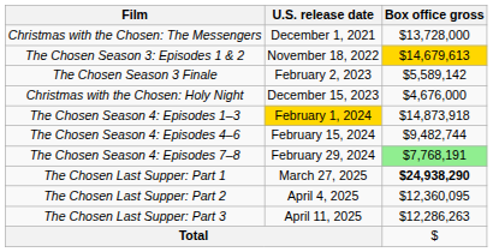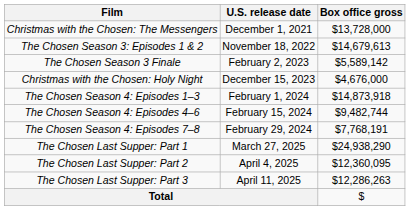 <table class="wikitable sortable" style="text-align: center">
 <tr>
 <th scope="col">Film</th>
 <th scope="col">U.S. release date</th>
 <th scope="col">Box office gross</th>
 </tr>
 <tr>
 <td><em>Christmas with the Chosen: The Messengers</em></td>
 <td>December 1, 2021</td>
 <td>$13,728,000</td>
 </tr>
 <tr>
 <td><em>The Chosen Season 3: Episodes 1 & 2</em></td>
 <td>November 18, 2022</td>
-<td style="background: gold;">$14,679,613</td>
+<td>$14,679,613</td>
 </tr>
 <tr>
 <td><em>The Chosen Season 3 Finale</em></td>
 <td>February 2, 2023</td>
 <td>$5,589,142</td>
 </tr>
 <tr>
 <td><em>Christmas with the Chosen: Holy Night</em></td>
 <td>December 15, 2023</td>
 <td>$4,676,000</td>
 </tr>
 <tr>
 <td><em>The Chosen Season 4: Episodes 1–3</em></td>
-<td style="background: gold;">February 1, 2024</td>
+<td>February 1, 2024</td>
 <td>$14,873,918</td>
 </tr>
 <tr>
 <td><em>The Chosen Season 4: Episodes 4–6</em></td>
 <td>February 15, 2024</td>
 <td>$9,482,744</td>
 </tr>
 <tr>
 <td><em>The Chosen Season 4: Episodes 7–8</em></td>
 <td>February 29, 2024</td>
-<td style="background: lightgreen;">$7,768,191</td>
+<td>$7,768,191</td>
 </tr>
 <tr>
 <td><em>The Chosen Last Supper: Part 1</em></td>
 <td>March 27, 2025</td>
-<td><strong>$24,938,290</strong></td>
+<td>$24,938,290</td>
 </tr>
 <tr>
 <td><em>The Chosen Last Supper: Part 2</em></td>
 <td>April 4, 2025</td>
 <td>$12,360,095</td>
 </tr>
 <tr>
 <td><em>The Chosen Last Supper: Part 3</em></td>
 <td>April 11, 2025</td>
 <td>$12,286,263</td>
 </tr>
 <tr>
 <th colspan="2">Total</th>
 <td>$</td>
 </tr>
 </table>
